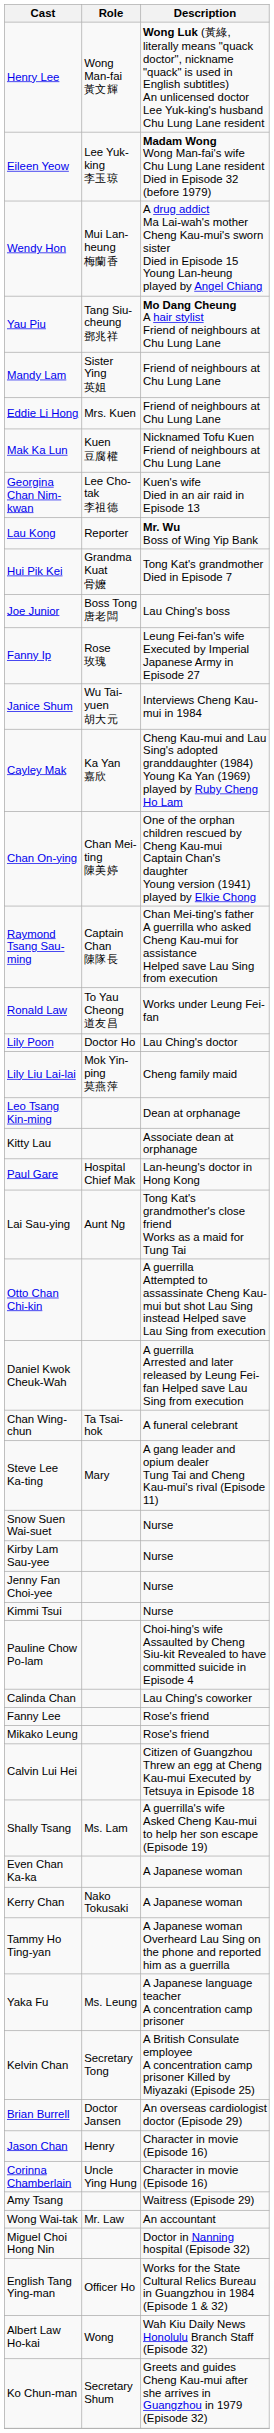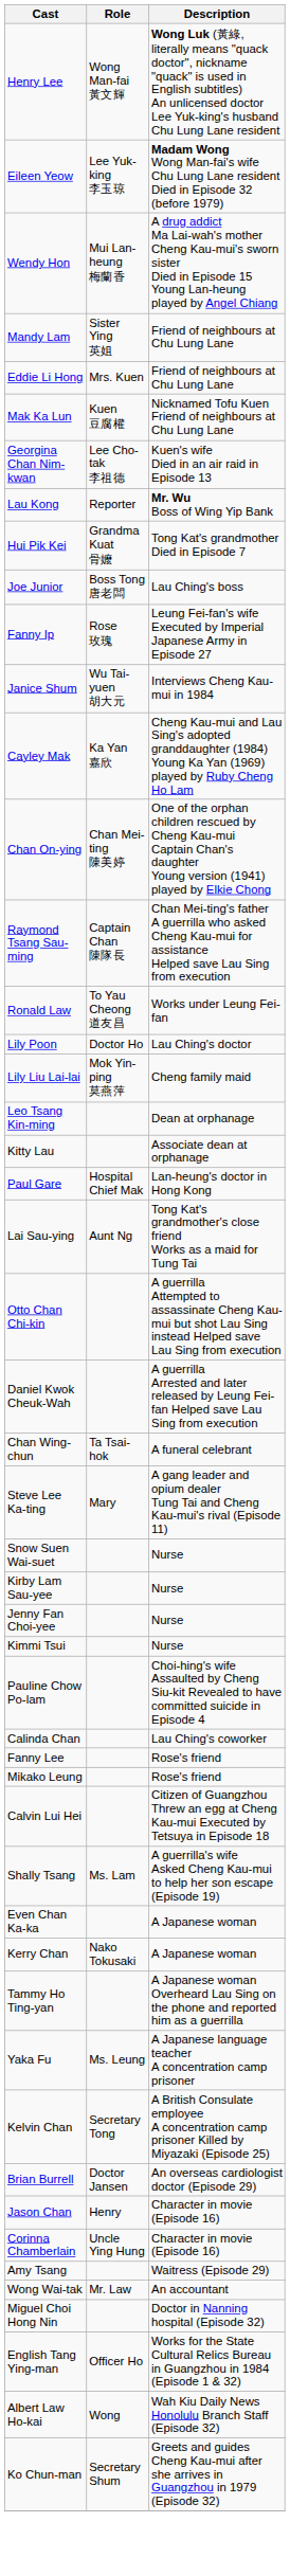 <table class="wikitable" width="60%">
 <tr>
 <th>Cast</th>
 <th>Role</th>
 <th>Description</th>
 </tr>
 <tr>
 <td><a href='#'>Henry Lee</a></td>
 <td>Wong Man-fai<br>黃文輝</td>
 <td><strong>Wong Luk</strong> (黃綠, literally means "quack doctor", nickname "quack" is used in English subtitles) <br>An unlicensed doctor<br>Lee Yuk-king's husband<br>Chu Lung Lane resident</td>
 </tr>
 <tr>
 <td><a href='#'>Eileen Yeow</a></td>
 <td>Lee Yuk-king<br>李玉琼</td>
 <td><strong>Madam Wong</strong><br>Wong Man-fai's wife<br>Chu Lung Lane resident<br>Died in Episode 32 (before 1979)</td>
 </tr>
 <tr>
 <td><a href='#'>Wendy Hon</a></td>
 <td>Mui Lan-heung<br>梅蘭香</td>
 <td>A <a href='#'>drug addict</a><br>Ma Lai-wah's mother<br>Cheng Kau-mui's sworn sister<br>Died in Episode 15<br>Young Lan-heung played by <a href='#'>Angel Chiang</a></td>
-</tr>
-<tr>
-<td><a href='#'>Yau Piu</a></td>
-<td>Tang Siu-cheung<br>鄧兆祥</td>
-<td><strong>Mo Dang Cheung</strong><br>A <a href='#'>hair stylist</a><br>Friend of neighbours at Chu Lung Lane</td>
 </tr>
 <tr>
 <td><a href='#'>Mandy Lam</a></td>
 <td>Sister Ying<br>英姐</td>
 <td>Friend of neighbours at Chu Lung Lane</td>
 </tr>
 <tr>
 <td><a href='#'>Eddie Li Hong</a></td>
 <td>Mrs. Kuen</td>
 <td>Friend of neighbours at Chu Lung Lane</td>
 </tr>
 <tr>
 <td><a href='#'>Mak Ka Lun</a></td>
 <td>Kuen<br>豆腐權</td>
 <td>Nicknamed Tofu Kuen<br>Friend of neighbours at Chu Lung Lane</td>
 </tr>
 <tr>
 <td><a href='#'>Georgina Chan Nim-kwan</a></td>
 <td>Lee Cho-tak<br>李祖德</td>
 <td>Kuen's wife<br>Died in an air raid in Episode 13</td>
 </tr>
 <tr>
 <td><a href='#'>Lau Kong</a></td>
 <td>Reporter</td>
 <td><strong>Mr. Wu</strong><br>Boss of Wing Yip Bank</td>
 </tr>
 <tr>
 <td><a href='#'>Hui Pik Kei</a></td>
 <td>Grandma Kuat<br>骨嬤</td>
 <td>Tong Kat's grandmother<br>Died in Episode 7</td>
 </tr>
 <tr>
 <td><a href='#'>Joe Junior</a></td>
 <td>Boss Tong<br>唐老闆</td>
 <td>Lau Ching's boss</td>
 </tr>
 <tr>
 <td><a href='#'>Fanny Ip</a></td>
 <td>Rose<br>玫瑰</td>
 <td>Leung Fei-fan's wife<br>Executed by Imperial Japanese Army in Episode 27</td>
 </tr>
 <tr>
 <td><a href='#'>Janice Shum</a></td>
 <td>Wu Tai-yuen<br>胡大元</td>
 <td>Interviews Cheng Kau-mui in 1984</td>
 </tr>
 <tr>
 <td><a href='#'>Cayley Mak</a></td>
 <td>Ka Yan<br>嘉欣</td>
 <td>Cheng Kau-mui and Lau Sing's adopted granddaughter (1984)<br>Young Ka Yan (1969) played by <a href='#'>Ruby Cheng Ho Lam</a></td>
 </tr>
 <tr>
 <td><a href='#'>Chan On-ying</a></td>
 <td>Chan Mei-ting<br>陳美婷</td>
 <td>One of the orphan children rescued by Cheng Kau-mui<br>Captain Chan's daughter<br>Young version (1941) played by <a href='#'>Elkie Chong</a></td>
 </tr>
 <tr>
 <td><a href='#'>Raymond Tsang Sau-ming</a></td>
 <td>Captain Chan<br>陳隊長</td>
 <td>Chan Mei-ting's father<br>A guerrilla who asked Cheng Kau-mui for assistance<br>Helped save Lau Sing from execution</td>
 </tr>
 <tr>
 <td><a href='#'>Ronald Law</a></td>
 <td>To Yau Cheong<br>道友昌</td>
 <td>Works under Leung Fei-fan</td>
 </tr>
 <tr>
 <td><a href='#'>Lily Poon</a></td>
 <td>Doctor Ho</td>
 <td>Lau Ching's doctor</td>
 </tr>
 <tr>
 <td><a href='#'>Lily Liu Lai-lai</a></td>
 <td>Mok Yin-ping<br>莫燕萍</td>
 <td>Cheng family maid</td>
 </tr>
 <tr>
 <td><a href='#'>Leo Tsang Kin-ming</a></td>
 <td></td>
 <td>Dean at orphanage</td>
 </tr>
 <tr>
 <td>Kitty Lau</td>
 <td></td>
 <td>Associate dean at orphanage</td>
 </tr>
 <tr>
 <td><a href='#'>Paul Gare</a></td>
 <td>Hospital Chief Mak</td>
 <td>Lan-heung's doctor in Hong Kong</td>
 </tr>
 <tr>
 <td>Lai Sau-ying</td>
 <td>Aunt Ng</td>
 <td>Tong Kat's grandmother's close friend<br>Works as a maid for Tung Tai</td>
 </tr>
 <tr>
 <td><a href='#'>Otto Chan Chi-kin</a></td>
 <td></td>
 <td>A guerrilla<br>Attempted to assassinate Cheng Kau-mui but shot Lau Sing instead Helped save Lau Sing from execution</td>
 </tr>
 <tr>
 <td>Daniel Kwok Cheuk-Wah</td>
 <td></td>
 <td>A guerrilla<br>Arrested and later released by Leung Fei-fan Helped save Lau Sing from execution</td>
 </tr>
 <tr>
 <td>Chan Wing-chun</td>
 <td>Ta Tsai-hok</td>
 <td>A funeral celebrant</td>
 </tr>
 <tr>
 <td>Steve Lee Ka-ting</td>
 <td>Mary</td>
 <td>A gang leader and opium dealer<br>Tung Tai and Cheng Kau-mui's rival (Episode 11)</td>
 </tr>
 <tr>
 <td>Snow Suen Wai-suet</td>
 <td></td>
 <td>Nurse</td>
 </tr>
 <tr>
 <td>Kirby Lam Sau-yee</td>
 <td></td>
 <td>Nurse</td>
 </tr>
 <tr>
 <td>Jenny Fan Choi-yee</td>
 <td></td>
 <td>Nurse</td>
 </tr>
 <tr>
 <td>Kimmi Tsui</td>
 <td></td>
 <td>Nurse</td>
 </tr>
 <tr>
 <td>Pauline Chow Po-lam</td>
 <td></td>
 <td>Choi-hing's wife<br>Assaulted by Cheng Siu-kit Revealed to have committed suicide in Episode 4</td>
 </tr>
 <tr>
 <td>Calinda Chan</td>
 <td></td>
 <td>Lau Ching's coworker</td>
 </tr>
 <tr>
 <td>Fanny Lee</td>
 <td></td>
 <td>Rose's friend</td>
 </tr>
 <tr>
 <td>Mikako Leung</td>
 <td></td>
 <td>Rose's friend</td>
 </tr>
 <tr>
 <td>Calvin Lui Hei</td>
 <td></td>
 <td>Citizen of Guangzhou<br>Threw an egg at Cheng Kau-mui Executed by Tetsuya in Episode 18</td>
 </tr>
 <tr>
 <td>Shally Tsang</td>
 <td>Ms. Lam</td>
 <td>A guerrilla's wife<br>Asked Cheng Kau-mui to help her son escape (Episode 19)</td>
 </tr>
 <tr>
 <td>Even Chan Ka-ka</td>
 <td></td>
 <td>A Japanese woman</td>
 </tr>
 <tr>
 <td>Kerry Chan</td>
 <td>Nako Tokusaki</td>
 <td>A Japanese woman</td>
 </tr>
 <tr>
 <td>Tammy Ho Ting-yan</td>
 <td></td>
 <td>A Japanese woman<br>Overheard Lau Sing on the phone and reported him as a guerrilla</td>
 </tr>
 <tr>
 <td>Yaka Fu</td>
 <td>Ms. Leung</td>
 <td>A Japanese language teacher<br>A concentration camp prisoner</td>
 </tr>
 <tr>
 <td>Kelvin Chan</td>
 <td>Secretary Tong</td>
 <td>A British Consulate employee<br>A concentration camp prisoner Killed by Miyazaki (Episode 25)</td>
 </tr>
 <tr>
 <td><a href='#'>Brian Burrell</a></td>
 <td>Doctor Jansen</td>
 <td>An overseas cardiologist doctor (Episode 29)</td>
 </tr>
 <tr>
 <td><a href='#'>Jason Chan</a></td>
 <td>Henry</td>
 <td>Character in movie (Episode 16)</td>
 </tr>
 <tr>
 <td><a href='#'>Corinna Chamberlain</a></td>
 <td>Uncle Ying Hung</td>
 <td>Character in movie (Episode 16)</td>
 </tr>
 <tr>
 <td>Amy Tsang</td>
 <td></td>
 <td>Waitress (Episode 29)</td>
 </tr>
 <tr>
 <td>Wong Wai-tak</td>
 <td>Mr. Law</td>
 <td>An accountant</td>
 </tr>
 <tr>
 <td>Miguel Choi Hong Nin</td>
 <td></td>
 <td>Doctor in <a href='#'>Nanning</a> hospital (Episode 32)</td>
 </tr>
 <tr>
 <td>English Tang Ying-man</td>
 <td>Officer Ho</td>
 <td>Works for the State Cultural Relics Bureau in Guangzhou in 1984 (Episode 1 & 32)</td>
 </tr>
 <tr>
 <td>Albert Law Ho-kai</td>
 <td>Wong</td>
 <td>Wah Kiu Daily News <a href='#'>Honolulu</a> Branch Staff (Episode 32)</td>
 </tr>
 <tr>
 <td>Ko Chun-man</td>
 <td>Secretary Shum</td>
 <td>Greets and guides Cheng Kau-mui after she arrives in <a href='#'>Guangzhou</a> in 1979 (Episode 32)</td>
 </tr>
 <tr>
 </tr>
 </table>
